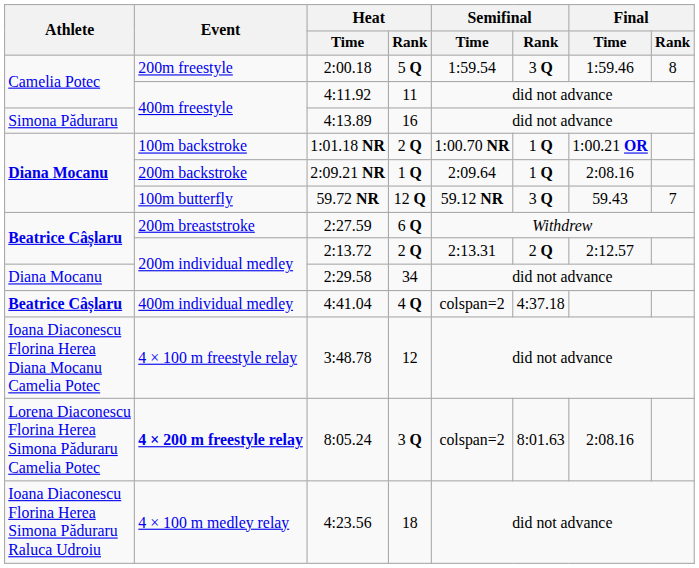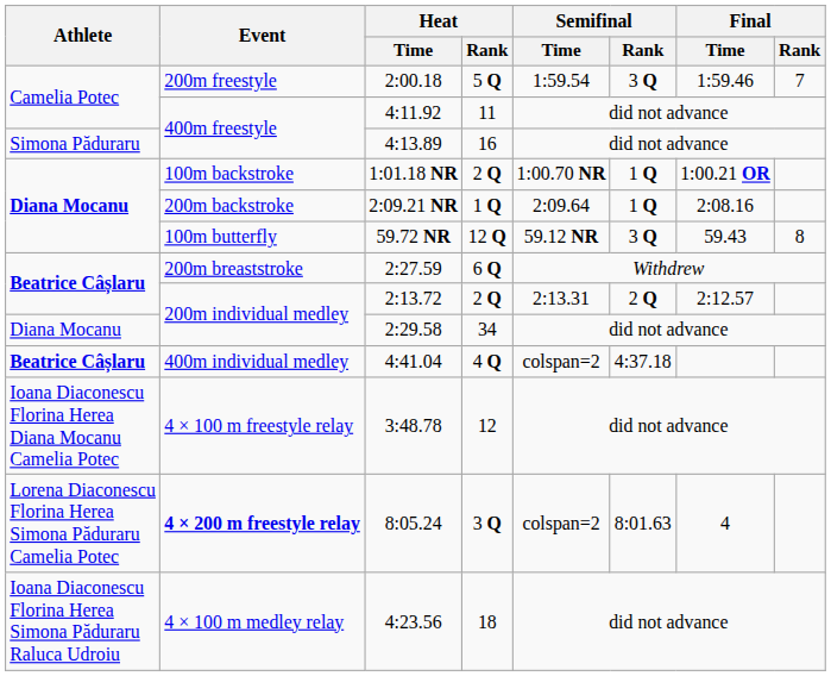 <table class=wikitable style="font-size:90%">
 <tr>
 <th rowspan="2">Athlete</th>
 <th rowspan="2">Event</th>
 <th colspan="2">Heat</th>
 <th colspan="2">Semifinal</th>
 <th colspan="2">Final</th>
 </tr>
 <tr style="font-size:95%">
 <th>Time</th>
 <th>Rank</th>
 <th>Time</th>
 <th>Rank</th>
 <th>Time</th>
 <th>Rank</th>
 </tr>
 <tr align=center>
 <td align=left rowspan=2><a href='#'>Camelia Potec</a></td>
 <td align=left><a href='#'>200m freestyle</a></td>
 <td>2:00.18</td>
 <td>5 <strong>Q</strong></td>
 <td>1:59.54</td>
 <td>3 <strong>Q</strong></td>
 <td>1:59.46</td>
-<td>8</td>
+<td>7</td>
 </tr>
 <tr align=center>
 <td align=left rowspan=2><a href='#'>400m freestyle</a></td>
 <td>4:11.92</td>
 <td>11</td>
 <td colspan=4>did not advance</td>
 </tr>
 <tr align=center>
 <td align=left><a href='#'>Simona Păduraru</a></td>
 <td>4:13.89</td>
 <td>16</td>
 <td colspan=4>did not advance</td>
 </tr>
 <tr align=center>
 <td align=left rowspan=3><strong><a href='#'>Diana Mocanu</a></strong></td>
 <td align=left><a href='#'>100m backstroke</a></td>
 <td>1:01.18 <strong>NR</strong></td>
 <td>2 <strong>Q</strong></td>
 <td>1:00.70 <strong>NR</strong></td>
 <td>1 <strong>Q</strong></td>
 <td>1:00.21 <strong><a href='#'>OR</a></strong></td>
 <td></td>
 </tr>
 <tr align=center>
 <td align=left><a href='#'>200m backstroke</a></td>
 <td>2:09.21 <strong>NR</strong></td>
 <td>1 <strong>Q</strong></td>
 <td>2:09.64</td>
 <td>1 <strong>Q</strong></td>
 <td>2:08.16</td>
 <td></td>
 </tr>
 <tr align=center>
 <td align=left><a href='#'>100m butterfly</a></td>
 <td>59.72 <strong>NR</strong></td>
 <td>12 <strong>Q</strong></td>
 <td>59.12 <strong>NR</strong></td>
 <td>3 <strong>Q</strong></td>
 <td>59.43</td>
-<td>7</td>
+<td>8</td>
 </tr>
 <tr align=center>
 <td align=left rowspan=2><strong><a href='#'>Beatrice Câșlaru</a></strong></td>
 <td align=left><a href='#'>200m breaststroke</a></td>
 <td>2:27.59</td>
 <td>6 <strong>Q</strong></td>
 <td colspan=4><em>Withdrew</em></td>
 </tr>
 <tr align=center>
 <td align=left rowspan=2><a href='#'>200m individual medley</a></td>
 <td>2:13.72</td>
 <td>2 <strong>Q</strong></td>
 <td>2:13.31</td>
 <td>2 <strong>Q</strong></td>
 <td>2:12.57</td>
 <td></td>
 </tr>
 <tr align=center>
 <td align=left><a href='#'>Diana Mocanu</a></td>
 <td>2:29.58</td>
 <td>34</td>
 <td colspan=4>did not advance</td>
 </tr>
 <tr align=center>
 <td align=left><strong><a href='#'>Beatrice Câșlaru</a></strong></td>
 <td align=left><a href='#'>400m individual medley</a></td>
 <td>4:41.04</td>
 <td>4 <strong>Q</strong></td>
 <td>colspan=2 </td>
 <td>4:37.18</td>
 <td></td>
 </tr>
 <tr align=center>
 <td align=left><a href='#'>Ioana Diaconescu</a><br> <a href='#'>Florina Herea</a><br> <a href='#'>Diana Mocanu</a><br> <a href='#'>Camelia Potec</a></td>
 <td align=left><a href='#'>4 × 100 m freestyle relay</a></td>
 <td>3:48.78</td>
 <td>12</td>
 <td colspan=4>did not advance</td>
 </tr>
 <tr align=center>
 <td align=left><a href='#'>Lorena Diaconescu</a><br> <a href='#'>Florina Herea</a><br> <a href='#'>Simona Păduraru</a><br> <a href='#'>Camelia Potec</a></td>
 <td align=left><strong><a href='#'>4 × 200 m freestyle relay</a></strong></td>
 <td>8:05.24</td>
 <td>3 <strong>Q</strong></td>
 <td>colspan=2 </td>
 <td>8:01.63</td>
-<td>2:08.16</td>
+<td>4</td>
 </tr>
 <tr align=center>
 <td align=left><a href='#'>Ioana Diaconescu</a><br> <a href='#'>Florina Herea</a><br><a href='#'>Simona Păduraru</a><br> <a href='#'>Raluca Udroiu</a></td>
 <td align=left><a href='#'>4 × 100 m medley relay</a></td>
 <td>4:23.56</td>
 <td>18</td>
 <td colspan=4>did not advance</td>
 </tr>
 </table>
